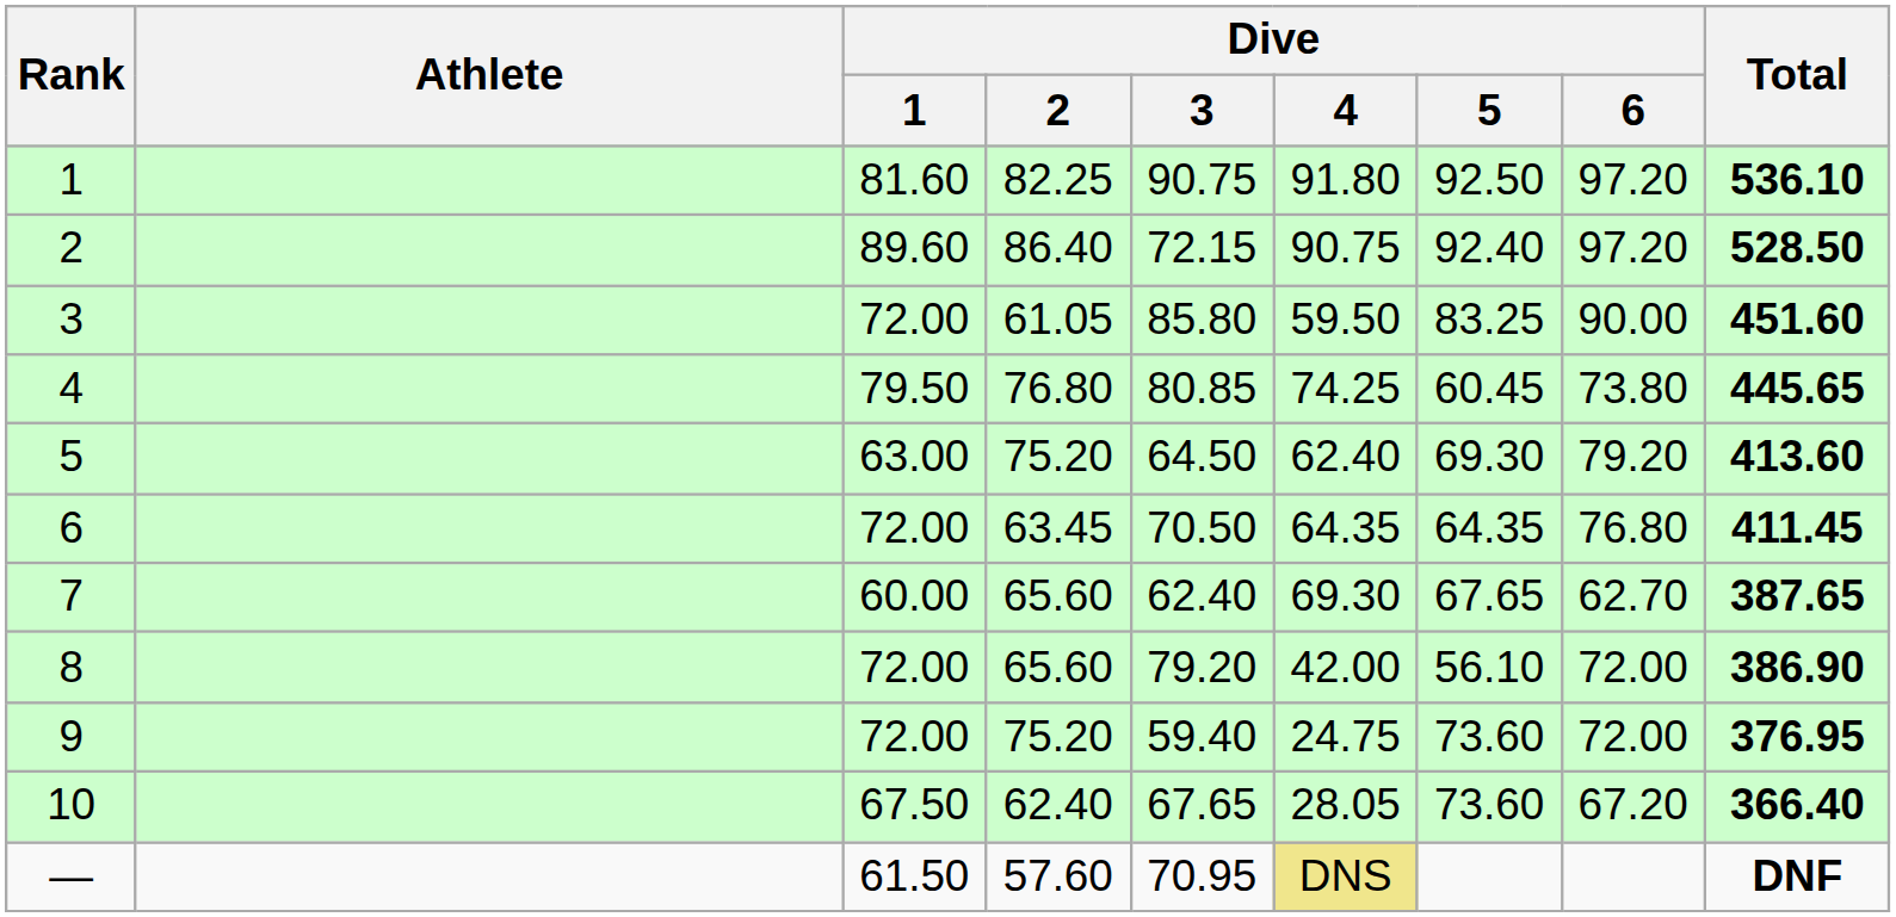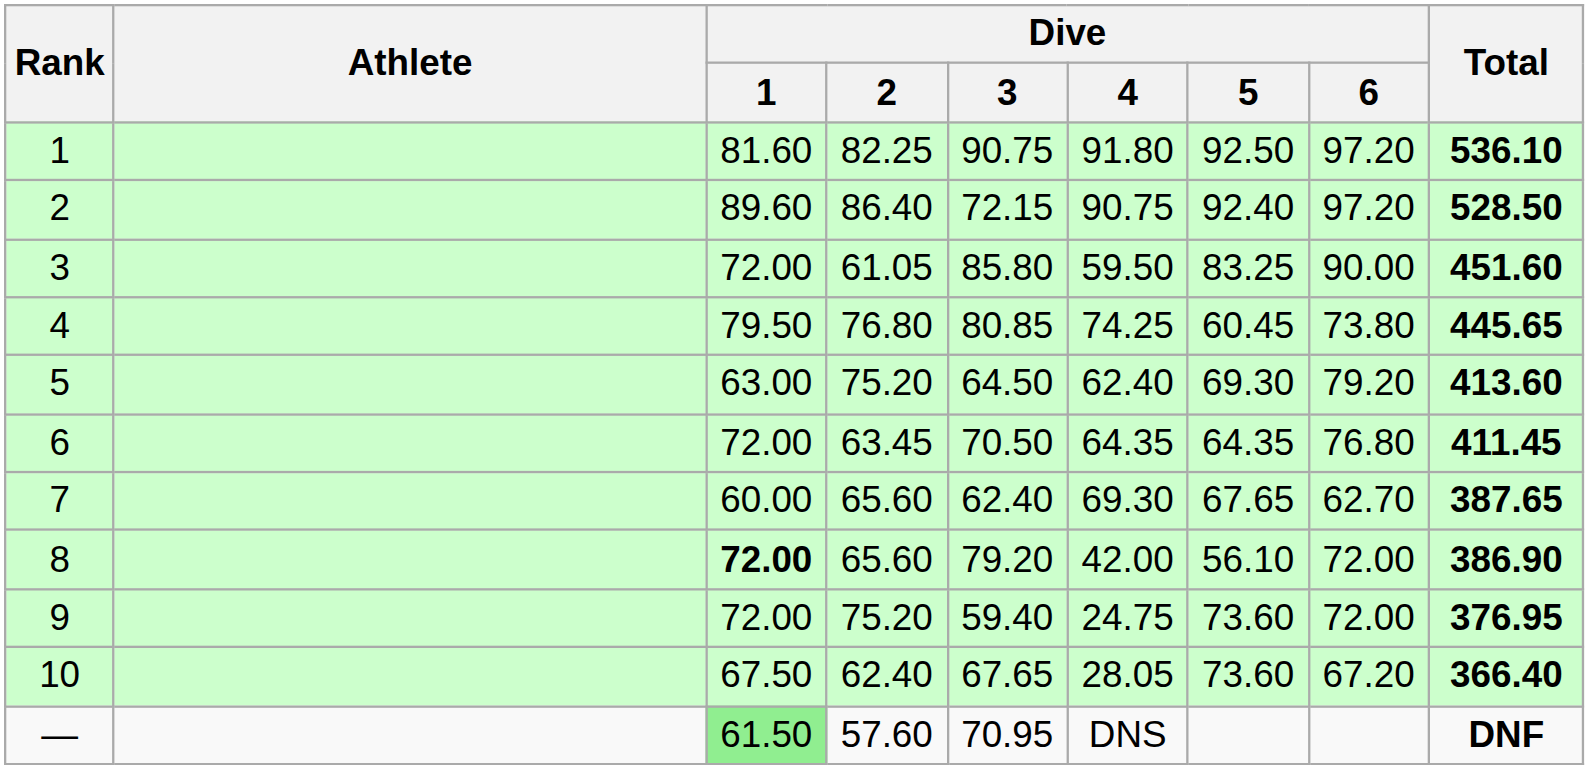 <table class=wikitable style="text-align:center">
 <tr>
 <th rowspan="2" width=40>Rank</th>
 <th rowspan="2" width=250>Athlete</th>
 <th colspan="6">Dive</th>
 <th rowspan="2" width=60>Total</th>
 </tr>
 <tr>
 <th width=45>1</th>
 <th width=45>2</th>
 <th width=45>3</th>
 <th width=45>4</th>
 <th width=45>5</th>
 <th width=45>6</th>
 </tr>
 <tr bgcolor="ccffcc">
 <td>1</td>
 <td align=left></td>
 <td>81.60</td>
 <td>82.25</td>
 <td>90.75</td>
 <td>91.80</td>
 <td>92.50</td>
 <td>97.20</td>
 <td><strong>536.10</strong></td>
 </tr>
 <tr bgcolor="ccffcc">
 <td>2</td>
 <td align=left></td>
 <td>89.60</td>
 <td>86.40</td>
 <td>72.15</td>
 <td>90.75</td>
 <td>92.40</td>
 <td>97.20</td>
 <td><strong>528.50</strong></td>
 </tr>
 <tr bgcolor="ccffcc">
 <td>3</td>
 <td align=left></td>
 <td>72.00</td>
 <td>61.05</td>
 <td>85.80</td>
 <td>59.50</td>
 <td>83.25</td>
 <td>90.00</td>
 <td><strong>451.60</strong></td>
 </tr>
 <tr bgcolor="ccffcc">
 <td>4</td>
 <td align=left></td>
 <td>79.50</td>
 <td>76.80</td>
 <td>80.85</td>
 <td>74.25</td>
 <td>60.45</td>
 <td>73.80</td>
 <td><strong>445.65</strong></td>
 </tr>
 <tr bgcolor="ccffcc">
 <td>5</td>
 <td align=left></td>
 <td>63.00</td>
 <td>75.20</td>
 <td>64.50</td>
 <td>62.40</td>
 <td>69.30</td>
 <td>79.20</td>
 <td><strong>413.60</strong></td>
 </tr>
 <tr bgcolor="ccffcc">
 <td>6</td>
 <td align=left></td>
 <td>72.00</td>
 <td>63.45</td>
 <td>70.50</td>
 <td>64.35</td>
 <td>64.35</td>
 <td>76.80</td>
 <td><strong>411.45</strong></td>
 </tr>
 <tr bgcolor="ccffcc">
 <td>7</td>
 <td align=left></td>
 <td>60.00</td>
 <td>65.60</td>
 <td>62.40</td>
 <td>69.30</td>
 <td>67.65</td>
 <td>62.70</td>
 <td><strong>387.65</strong></td>
 </tr>
 <tr bgcolor="ccffcc">
 <td>8</td>
 <td align=left></td>
-<td>72.00</td>
+<td><strong>72.00</strong></td>
 <td>65.60</td>
 <td>79.20</td>
 <td>42.00</td>
 <td>56.10</td>
 <td>72.00</td>
 <td><strong>386.90</strong></td>
 </tr>
 <tr bgcolor="ccffcc">
 <td>9</td>
 <td align=left></td>
 <td>72.00</td>
 <td>75.20</td>
 <td>59.40</td>
 <td>24.75</td>
 <td>73.60</td>
 <td>72.00</td>
 <td><strong>376.95</strong></td>
 </tr>
 <tr bgcolor="ccffcc">
 <td>10</td>
 <td align=left></td>
 <td>67.50</td>
 <td>62.40</td>
 <td>67.65</td>
 <td>28.05</td>
 <td>73.60</td>
 <td>67.20</td>
 <td><strong>366.40</strong></td>
 </tr>
 <tr>
 <td>—</td>
 <td align=left></td>
-<td>61.50</td>
+<td style="background: lightgreen;">61.50</td>
 <td>57.60</td>
 <td>70.95</td>
-<td style="background: khaki;">DNS</td>
+<td>DNS</td>
 <td></td>
 <td></td>
 <td><strong>DNF</strong></td>
 </tr>
 </table>
